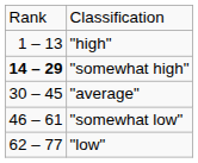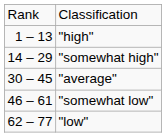 <table class="wikitable" ---valign=top>
 <tr>
 <td>Rank</td>
 <td>Classification</td>
 </tr>
 <tr>
 <td>  1 – 13</td>
 <td>"high"</td>
 </tr>
 <tr>
-<td><strong>14 – 29</strong></td>
+<td>14 – 29</td>
 <td>"somewhat high"</td>
 </tr>
 <tr>
 <td>30 – 45</td>
 <td>"average"</td>
 </tr>
 <tr>
 <td>46 – 61</td>
 <td>"somewhat low"</td>
 </tr>
 <tr>
 <td>62 – 77</td>
 <td>"low"</td>
 </tr>
 </table>
